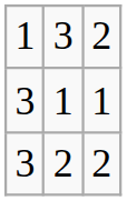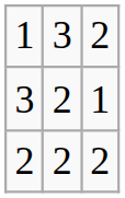 <table class="wikitable">
 <tr>
 <td>1</td>
 <td>3</td>
 <td>2</td>
 </tr>
 <tr>
 <td>3</td>
-<td>1</td>
+<td>2</td>
 <td>1</td>
 </tr>
 <tr>
-<td>3</td>
+<td>2</td>
 <td>2</td>
 <td>2</td>
 </tr>
 </table>
